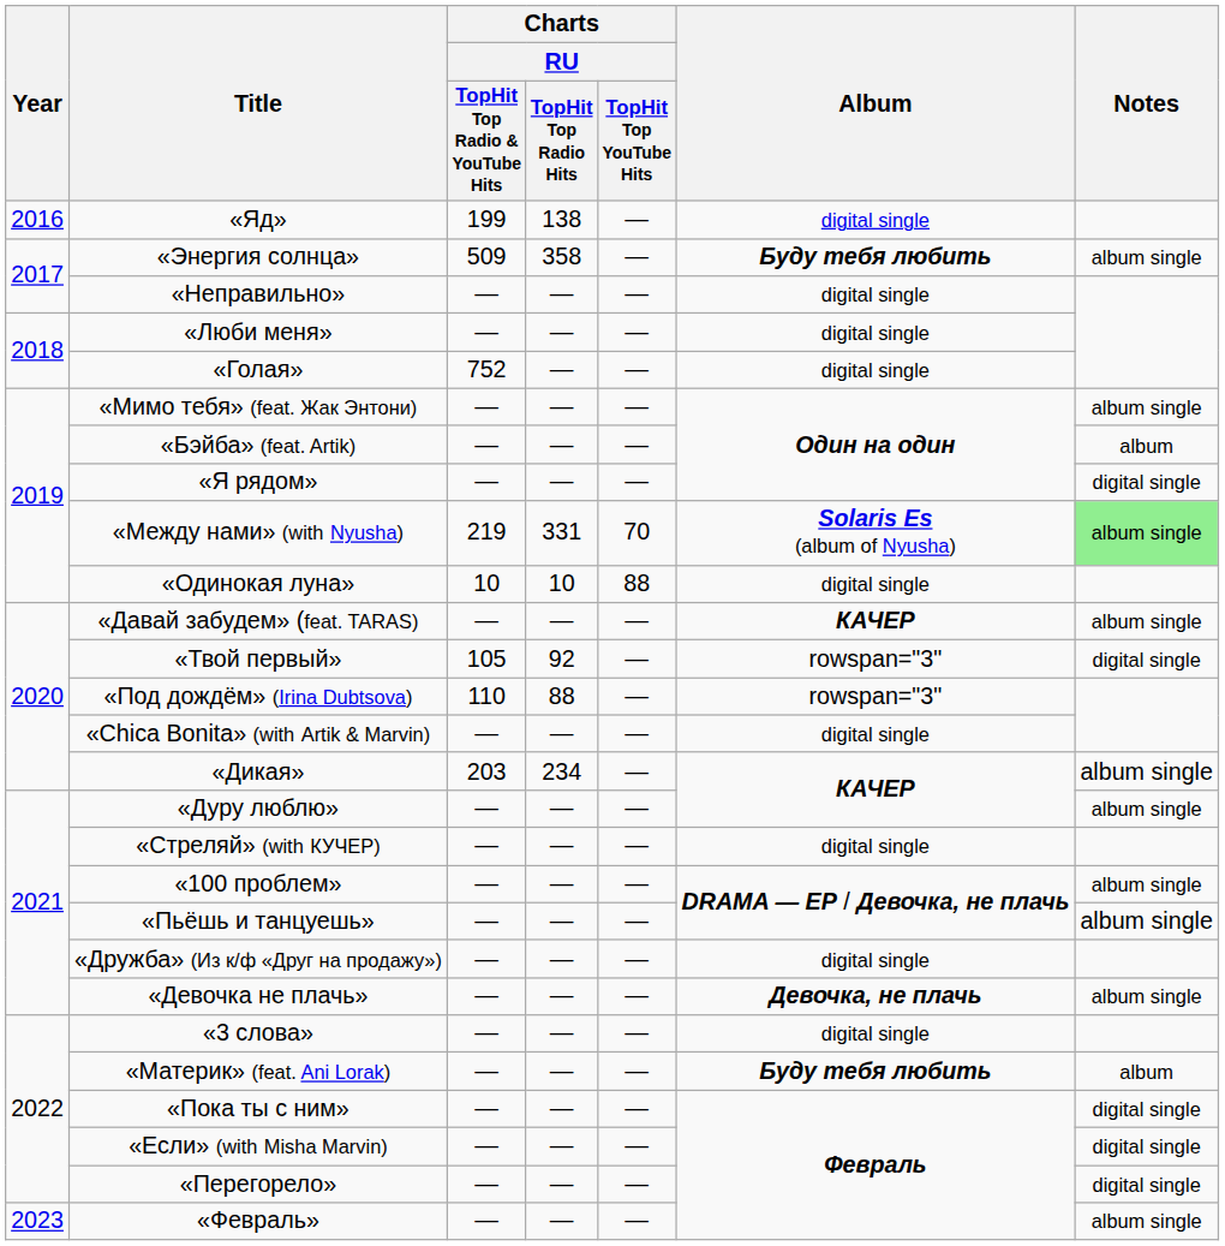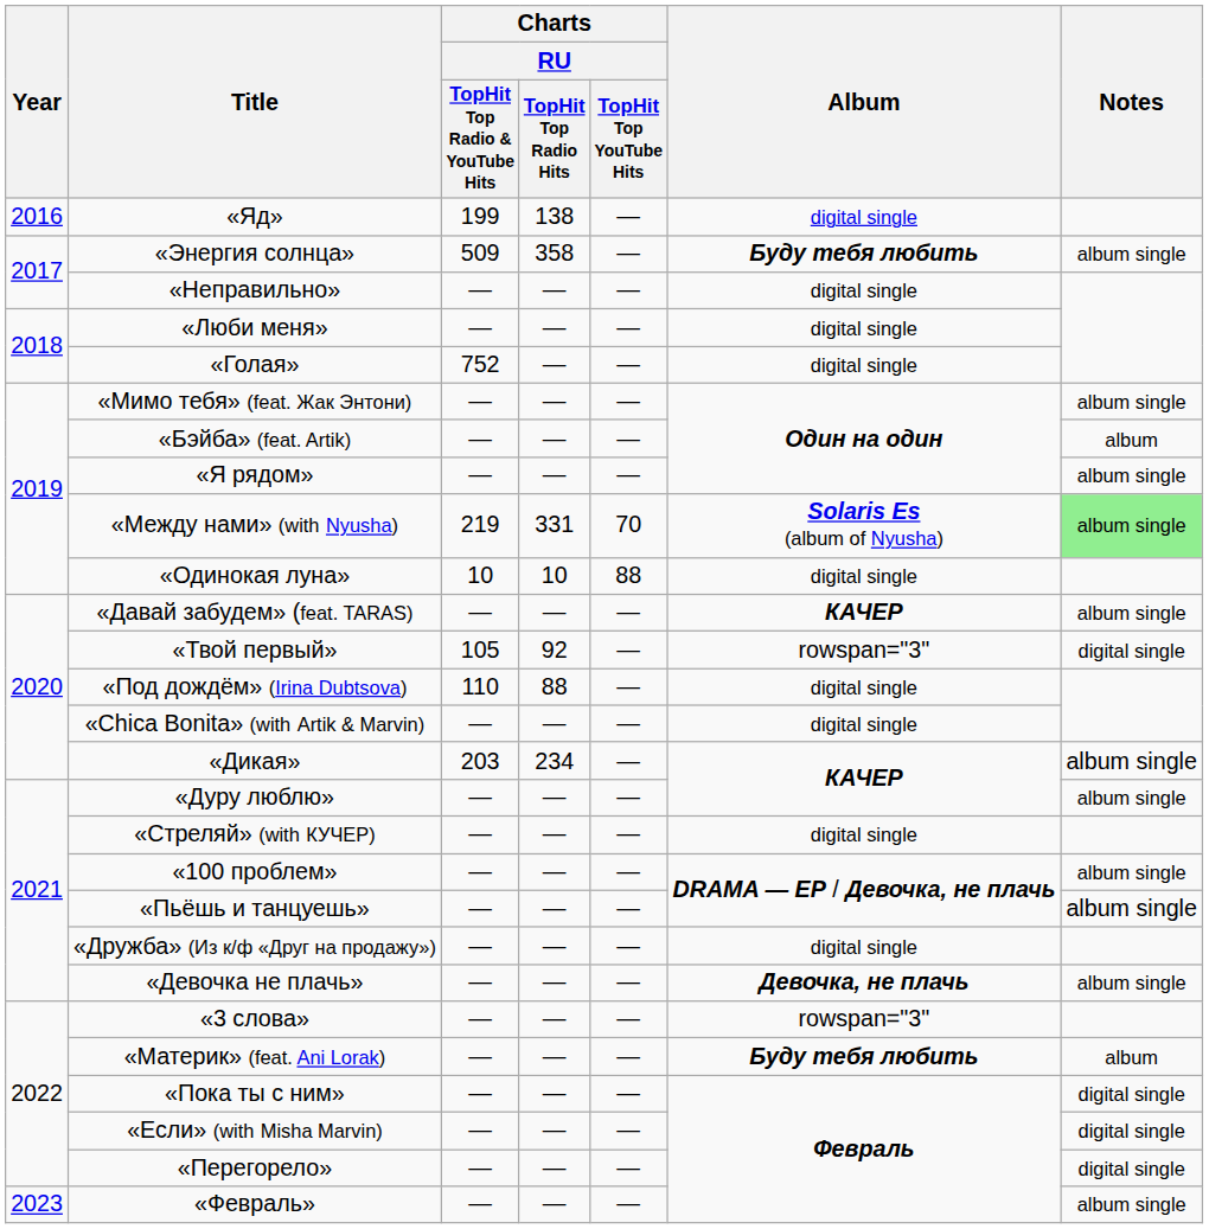 <table class="wikitable" style="text-align:center">
 <tr>
 <th rowspan="3">Year</th>
 <th rowspan="3">Title</th>
 <th colspan="3">Charts</th>
 <th rowspan="3">Album</th>
 <th rowspan="3">Notes</th>
 </tr>
 <tr>
 <th colspan="3"><a href='#'>RU</a></th>
 </tr>
 <tr>
 <th style="width:3em;font-size:85%;"><a href='#'>TopHit</a><br><small>Top Radio & YouTube Hits</small><br></th>
 <th style="width:3em;font-size:85%;"><a href='#'>TopHit</a><br><small>Top Radio Hits</small><br></th>
 <th style="width:3em;font-size:85%;"><a href='#'>TopHit</a><br><small>Top YouTube Hits</small><br></th>
 </tr>
 <tr>
 <td><a href='#'>2016</a></td>
 <td>«Яд»</td>
 <td>199</td>
 <td>138</td>
 <td>—</td>
 <td><small><a href='#'>digital single</a></small></td>
 </tr>
 <tr>
 <td rowspan="2"><a href='#'>2017</a></td>
 <td>«Энергия солнца»</td>
 <td>509</td>
 <td>358</td>
 <td>—</td>
 <td><strong><em>Буду тебя любить</em></strong></td>
 <td><small>album single</small></td>
 </tr>
 <tr>
 <td>«Неправильно»</td>
 <td>—</td>
 <td>—</td>
 <td>—</td>
 <td><small>digital single</small></td>
 </tr>
 <tr>
 <td rowspan="2"><a href='#'>2018</a></td>
 <td>«Люби меня»</td>
 <td>—</td>
 <td>—</td>
 <td>—</td>
 <td><small>digital single</small></td>
 </tr>
 <tr>
 <td>«Голая»</td>
 <td>752</td>
 <td>—</td>
 <td>—</td>
 <td><small>digital single</small></td>
 </tr>
 <tr>
 <td rowspan="5"><a href='#'>2019</a></td>
 <td>«Мимо тебя» <small>(feat. Жак Энтони)</small></td>
 <td>—</td>
 <td>—</td>
 <td>—</td>
 <td rowspan="3"><strong><em>Один на один</em></strong></td>
 <td><small>album single</small></td>
 </tr>
 <tr>
 <td>«Бэйба» <small>(feat. Artik)</small></td>
 <td>—</td>
 <td>—</td>
 <td>—</td>
 <td><small>album</small></td>
 </tr>
 <tr>
 <td>«Я рядом»</td>
 <td>—</td>
 <td>—</td>
 <td>—</td>
-<td><small>digital single</small></td>
+<td><small>album single</small></td>
 </tr>
 <tr>
 <td>«Между нами» <small>(with</small> <small><a href='#'>Nyusha</a>)</small></td>
 <td>219</td>
 <td>331</td>
 <td>70</td>
 <td><strong><em><a href='#'>Solaris Es</a></em></strong> <br><small>(album of <a href='#'>Nyusha</a>)</small></td>
 <td style="background: lightgreen;"><small>album single</small></td>
 </tr>
 <tr>
 <td>«Одинокая луна»</td>
 <td>10</td>
 <td>10</td>
 <td>88</td>
 <td><small>digital single</small></td>
 </tr>
 <tr>
 <td rowspan="5"><a href='#'>2020</a></td>
 <td>«Давай забудем» (<small>feat. TARAS)</small></td>
 <td>—</td>
 <td>—</td>
 <td>—</td>
 <td><strong><em>КАЧЕР</em></strong></td>
 <td><small>album single</small></td>
 </tr>
 <tr>
 <td>«Твой первый»</td>
 <td>105</td>
 <td>92</td>
 <td>—</td>
 <td>rowspan="3" </td>
 <td><small>digital single</small></td>
 </tr>
 <tr>
 <td>«Под дождём» <small>(<a href='#'>Irina Dubtsova</a>)</small></td>
 <td>110</td>
 <td>88</td>
 <td>—</td>
-<td>rowspan="3" </td>
+<td><small>digital single</small></td>
 </tr>
 <tr>
 <td>«Chica Bonita» <small>(with</small> <small>Artik & Marvin)</small></td>
 <td>—</td>
 <td>—</td>
 <td>—</td>
 <td><small>digital single</small></td>
 </tr>
 <tr>
 <td>«Дикая»</td>
 <td>203</td>
 <td>234</td>
 <td>—</td>
 <td rowspan="2"><strong><em>КАЧЕР</em></strong></td>
 <td>album single</td>
 </tr>
 <tr>
 <td rowspan="6"><a href='#'>2021</a></td>
 <td>«Дуру люблю»</td>
 <td>—</td>
 <td>—</td>
 <td>—</td>
 <td><small>album single</small></td>
 </tr>
 <tr>
 <td>«Стреляй» <small>(with</small> <small>КУЧЕР)</small></td>
 <td>—</td>
 <td>—</td>
 <td>—</td>
 <td><small>digital single</small></td>
 </tr>
 <tr>
 <td>«100 проблем»</td>
 <td>—</td>
 <td>—</td>
 <td>—</td>
 <td rowspan="2"><strong><em>DRAMA ― EP</em></strong> / <strong><em>Девочка, не плачь</em></strong></td>
 <td><small>album single</small></td>
 </tr>
 <tr>
 <td>«Пьёшь и танцуешь»</td>
 <td>—</td>
 <td>—</td>
 <td>—</td>
 <td>album single</td>
 </tr>
 <tr>
 <td>«Дружба» <small>(Из к/ф «Друг на продажу»)</small></td>
 <td>—</td>
 <td>—</td>
 <td>—</td>
 <td><small>digital single</small></td>
 </tr>
 <tr>
 <td>«Девочка не плачь»</td>
 <td>—</td>
 <td>—</td>
 <td>—</td>
 <td><strong><em>Девочка, не плачь</em></strong></td>
 <td><small>album single</small></td>
 </tr>
 <tr>
 <td rowspan="5">2022</td>
 <td>«3 слова»</td>
 <td>—</td>
 <td>—</td>
 <td>—</td>
-<td><small>digital single</small></td>
+<td>rowspan="3" </td>
 </tr>
 <tr>
 <td>«Материк» <small>(feat. <a href='#'>Ani Lorak</a>)</small></td>
 <td>—</td>
 <td>—</td>
 <td>—</td>
 <td><strong><em>Буду тебя любить</em></strong></td>
 <td><small>album</small></td>
 </tr>
 <tr>
 <td>«Пока ты с ним»</td>
 <td>—</td>
 <td>—</td>
 <td>—</td>
 <td rowspan="4"><strong><em>Февраль</em></strong></td>
 <td><small>digital single</small></td>
 </tr>
 <tr>
 <td>«Если» <small>(with</small> <small>Misha Marvin)</small></td>
 <td>—</td>
 <td>—</td>
 <td>—</td>
 <td><small>digital single</small></td>
 </tr>
 <tr>
 <td>«Перегорело»</td>
 <td>—</td>
 <td>—</td>
 <td>—</td>
 <td><small>digital single</small></td>
 </tr>
 <tr>
 <td><a href='#'>2023</a></td>
 <td>«Февраль»</td>
 <td>—</td>
 <td>—</td>
 <td>—</td>
 <td><small>album single</small></td>
 </tr>
 </table>
